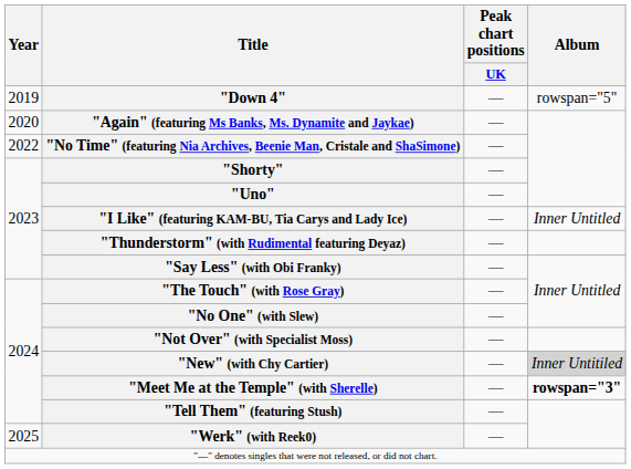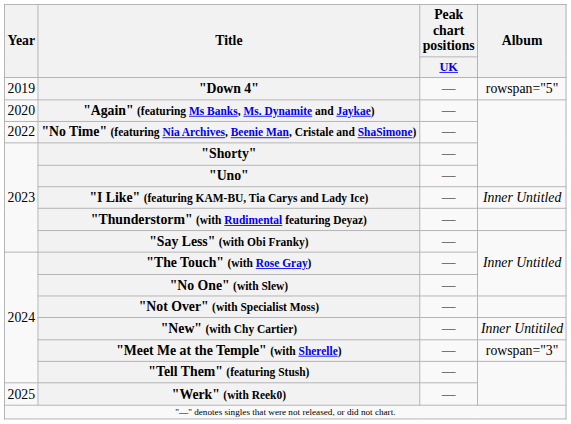 <table class="wikitable plainrowheaders" style="text-align:center;" border="1">
 <tr>
 <th scope="col" rowspan="2">Year</th>
 <th scope="col" rowspan="2">Title</th>
 <th scope="col" colspan="1">Peak chart positions</th>
 <th scope="col" rowspan="2">Album</th>
 </tr>
 <tr>
 <th scope="col" style="width:3em;font-size:90%;"><a href='#'>UK</a> <br></th>
 </tr>
 <tr>
 <td>2019</td>
 <th scope="row">"Down 4"</th>
 <td>—</td>
 <td>rowspan="5" </td>
 </tr>
 <tr>
 <td>2020</td>
 <th scope="row">"Again" <small>(featuring <a href='#'>Ms Banks</a>, <a href='#'>Ms. Dynamite</a> and <a href='#'>Jaykae</a>)</small></th>
 <td>—</td>
 </tr>
 <tr>
 <td>2022</td>
 <th scope="row">"No Time" <small>(featuring <a href='#'>Nia Archives</a>, <a href='#'>Beenie Man</a>, Cristale and <a href='#'>ShaSimone</a>)</small></th>
 <td>—</td>
 </tr>
 <tr>
 <td rowspan="5">2023</td>
 <th scope="row">"Shorty"</th>
 <td>—</td>
 </tr>
 <tr>
 <th scope="row">"Uno"</th>
 <td>—</td>
 </tr>
 <tr>
 <th scope="row">"I Like" <small>(featuring KAM-BU, Tia Carys and Lady Ice)</small></th>
 <td>—</td>
 <td><em>Inner Untitled</em></td>
 </tr>
 <tr>
 <th scope="row">"Thunderstorm" <small>(with <a href='#'>Rudimental</a> featuring Deyaz)</small></th>
 <td>—</td>
 <td></td>
 </tr>
 <tr>
 <th scope="row">"Say Less" <small>(with Obi Franky)</small></th>
 <td>—</td>
 <td rowspan="3"><em>Inner Untitled</em></td>
 </tr>
 <tr>
 <td rowspan="6">2024</td>
 <th scope="row">"The Touch" <small>(with <a href='#'>Rose Gray</a>)</small></th>
 <td>—</td>
 </tr>
 <tr>
 <th scope="row">"No One" <small>(with Slew)</small></th>
 <td>—</td>
 </tr>
 <tr>
 <th scope="row">"Not Over" <small>(with Specialist Moss)</small></th>
 <td>—</td>
 <td></td>
 </tr>
 <tr>
 <th scope="row">"New" <small>(with Chy Cartier)</small></th>
 <td>—</td>
-<td style="background: lightgrey;"><em>Inner Untitiled</em></td>
+<td><em>Inner Untitiled</em></td>
 </tr>
 <tr>
 <th scope="row">"Meet Me at the Temple" <small>(with <a href='#'>Sherelle</a>)</small></th>
 <td>—</td>
-<td><strong>rowspan="3" </strong></td>
+<td>rowspan="3" </td>
 </tr>
 <tr>
 <th scope="row">"Tell Them" <small>(featuring Stush)</small></th>
 <td>—</td>
 </tr>
 <tr>
 <td>2025</td>
 <th scope="row">"Werk" <small>(with Reek0)</small></th>
 <td>—</td>
 </tr>
 <tr>
 <td colspan="8" style="font-size:8pt">"—" denotes singles that were not released, or did not chart.</td>
 </tr>
 </table>
